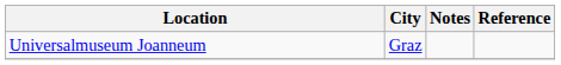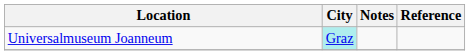 <table class="wikitable">
 <tr>
 <th Width="350">Location</th>
 <th>City</th>
 <th>Notes</th>
 <th>Reference</th>
 </tr>
 <tr>
 <td><a href='#'>Universalmuseum Joanneum</a></td>
-<td><a href='#'>Graz</a></td>
+<td style="background: paleturquoise;"><a href='#'>Graz</a></td>
 <td></td>
 <td></td>
 </tr>
 <tr>
 </tr>
 </table>
